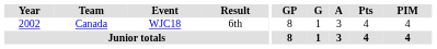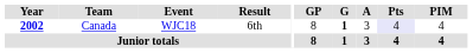 <table border="0" cellpadding="1" cellspacing="0" ID="Table3" style="text-align:center; width:40em">
 <tr ALIGN="center" bgcolor="#e0e0e0">
 <th>Year</th>
 <th>Team</th>
 <th>Event</th>
 <th>Result</th>
 <th rowspan="99" bgcolor="#ffffff"></th>
 <th>GP</th>
 <th>G</th>
 <th>A</th>
 <th>Pts</th>
 <th>PIM</th>
 </tr>
 <tr>
-<td><a href='#'>2002</a></td>
+<td><strong><a href='#'>2002</a></strong></td>
 <td><a href='#'>Canada</a></td>
 <td><a href='#'>WJC18</a></td>
 <td>6th</td>
 <td>8</td>
-<td>1</td>
+<td><strong>1</strong></td>
 <td>3</td>
-<td>4</td>
+<td style="background: lavender;">4</td>
 <td>4</td>
 </tr>
 <tr ALIGN="center" bgcolor="#e0e0e0">
 <th colspan=4>Junior totals</th>
 <th>8</th>
 <th>1</th>
 <th>3</th>
 <th>4</th>
 <th>4</th>
 </tr>
 </table>
